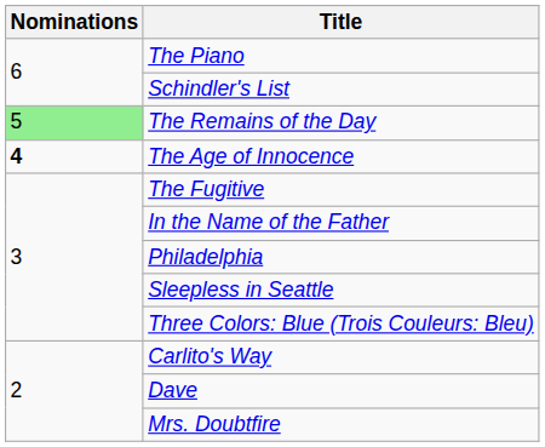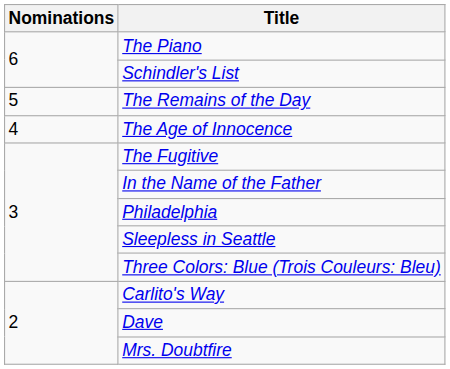 <table class="wikitable">
 <tr>
 <th>Nominations</th>
 <th>Title</th>
 </tr>
 <tr>
 <td rowspan="2">6</td>
 <td><em><a href='#'>The Piano</a></em></td>
 </tr>
 <tr>
 <td><em><a href='#'>Schindler's List</a></em></td>
 </tr>
 <tr>
-<td style="background: lightgreen;">5</td>
+<td>5</td>
 <td><em><a href='#'>The Remains of the Day</a></em></td>
 </tr>
 <tr>
-<td><strong>4</strong></td>
+<td>4</td>
 <td><em><a href='#'>The Age of Innocence</a></em></td>
 </tr>
 <tr>
 <td rowspan="5">3</td>
 <td><em><a href='#'>The Fugitive</a></em></td>
 </tr>
 <tr>
 <td><em><a href='#'>In the Name of the Father</a></em></td>
 </tr>
 <tr>
 <td><em><a href='#'>Philadelphia</a></em></td>
 </tr>
 <tr>
 <td><em><a href='#'>Sleepless in Seattle</a></em></td>
 </tr>
 <tr>
 <td><em><a href='#'>Three Colors: Blue (Trois Couleurs: Bleu)</a></em></td>
 </tr>
 <tr>
 <td rowspan="3">2</td>
 <td><em><a href='#'>Carlito's Way</a></em></td>
 </tr>
 <tr>
 <td><em><a href='#'>Dave</a></em></td>
 </tr>
 <tr>
 <td><em><a href='#'>Mrs. Doubtfire</a></em></td>
 </tr>
 </table>
